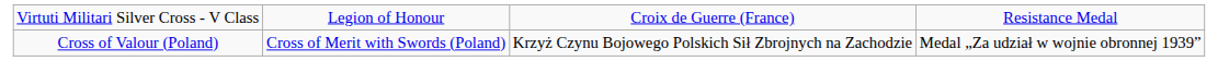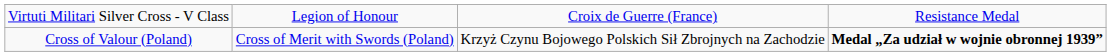 <table class="wikitable" style="margin:1em auto; text-align:center;">
 <tr>
 <td><a href='#'>Virtuti Militari</a> Silver Cross - V Class</td>
 <td><a href='#'>Legion of Honour</a></td>
 <td><a href='#'>Croix de Guerre (France)</a></td>
 <td><a href='#'>Resistance Medal</a></td>
 </tr>
 <tr>
 <td><a href='#'>Cross of Valour (Poland)</a></td>
 <td><a href='#'>Cross of Merit with Swords (Poland)</a></td>
 <td>Krzyż Czynu Bojowego Polskich Sił Zbrojnych na Zachodzie</td>
-<td>Medal „Za udział w wojnie obronnej 1939”</td>
+<td><strong>Medal „Za udział w wojnie obronnej 1939”</strong></td>
 </tr>
 </table>
